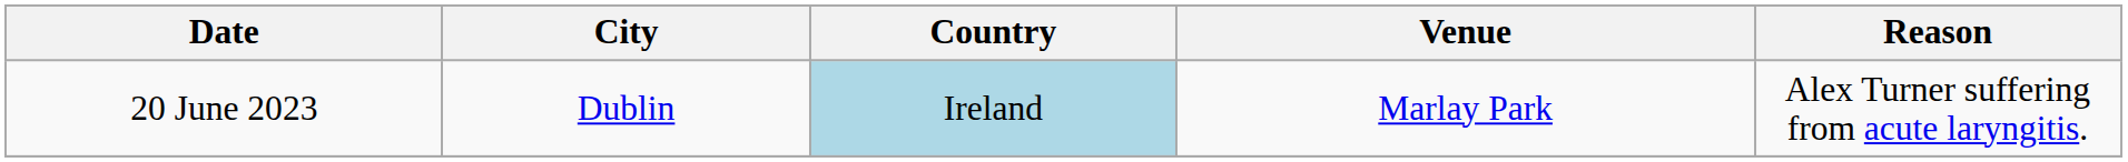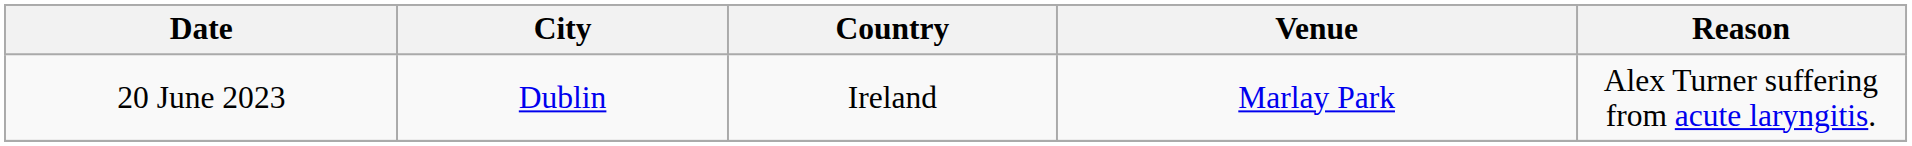 <table class="wikitable plainrowheaders" style="text-align:center;">
 <tr>
 <th scope="col" style="width:12em;">Date</th>
 <th scope="col" style="width:10em;">City</th>
 <th scope="col" style="width:10em;">Country</th>
 <th scope="col" style="width:16em;">Venue</th>
 <th scope="col" style="width:10em;">Reason</th>
 </tr>
 <tr>
 <td>20 June 2023</td>
 <td><a href='#'>Dublin</a></td>
-<td style="background: lightblue;">Ireland</td>
+<td>Ireland</td>
 <td><a href='#'>Marlay Park</a></td>
 <td>Alex Turner suffering from <a href='#'>acute laryngitis</a>.</td>
 </tr>
 <tr>
 </tr>
 </table>
